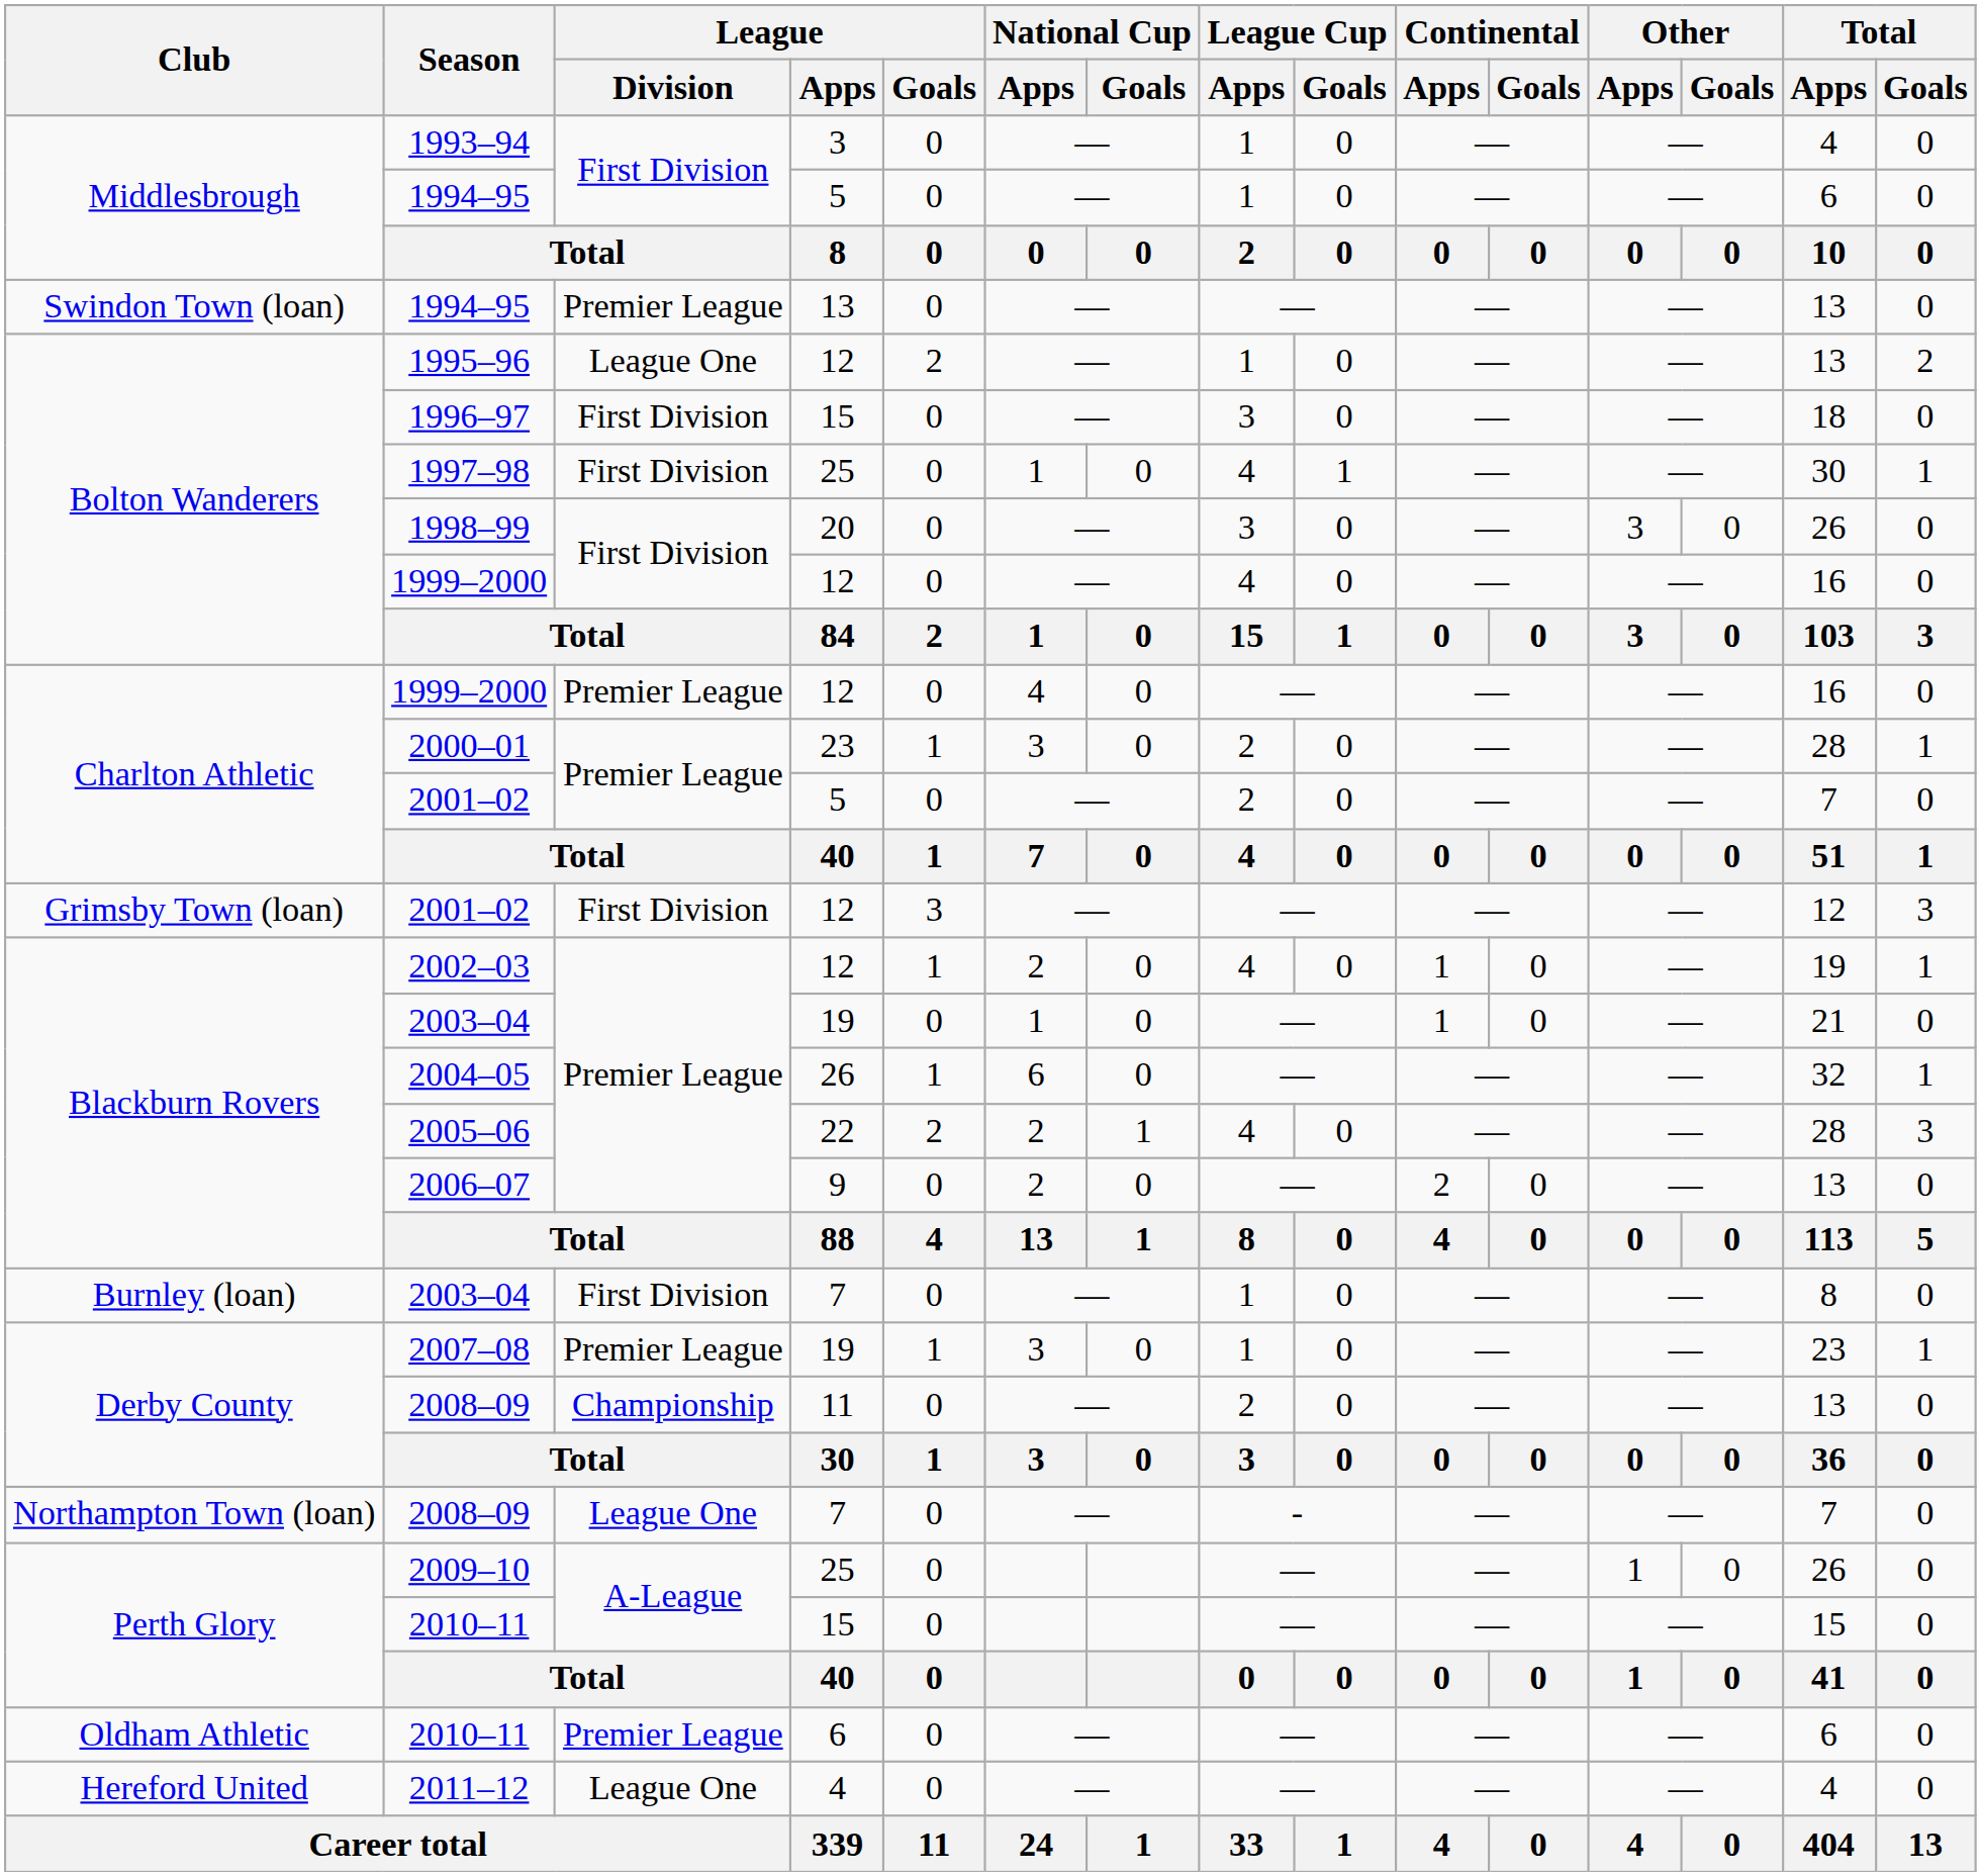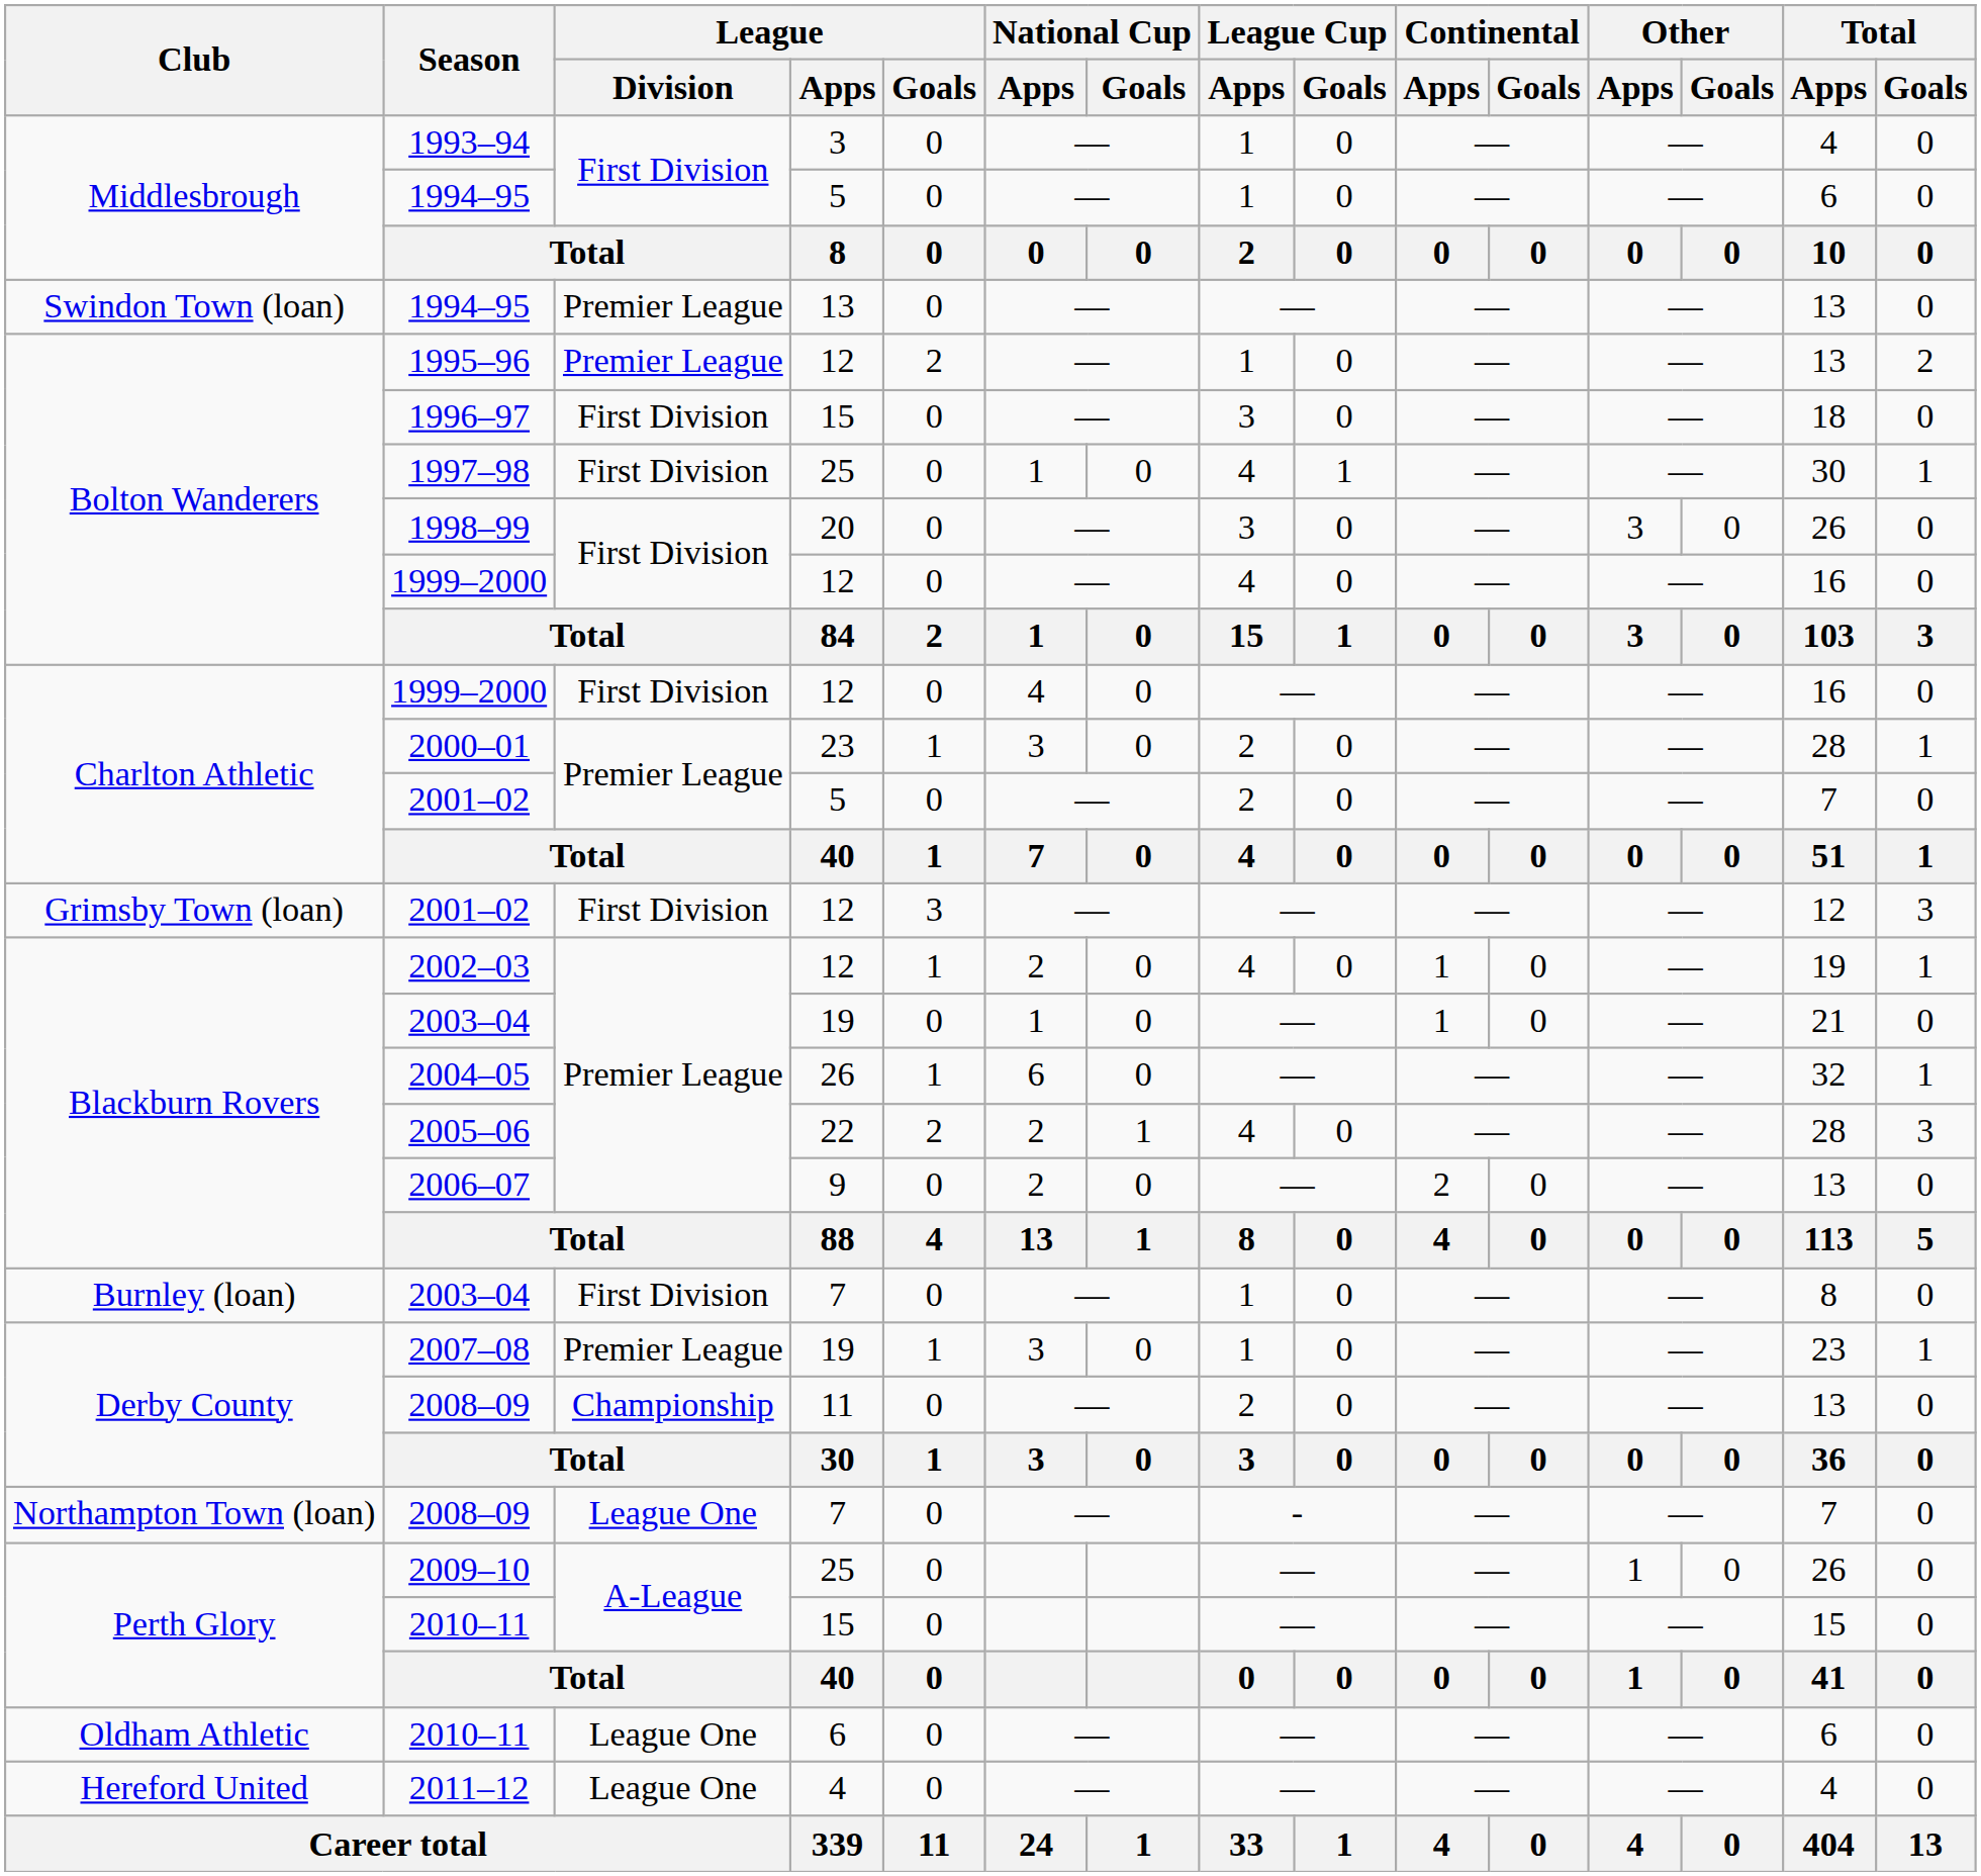 <table class="wikitable" style="text-align:center">
 <tr>
 <th rowspan="2">Club</th>
 <th rowspan="2">Season</th>
 <th colspan="3">League</th>
 <th colspan="2">National Cup</th>
 <th colspan="2">League Cup</th>
 <th colspan="2">Continental</th>
 <th colspan="2">Other</th>
 <th colspan="2">Total</th>
 </tr>
 <tr>
 <th>Division</th>
 <th>Apps</th>
 <th>Goals</th>
 <th>Apps</th>
 <th>Goals</th>
 <th>Apps</th>
 <th>Goals</th>
 <th>Apps</th>
 <th>Goals</th>
 <th>Apps</th>
 <th>Goals</th>
 <th>Apps</th>
 <th>Goals</th>
 </tr>
 <tr>
 <td rowspan="3"><a href='#'>Middlesbrough</a></td>
 <td><a href='#'>1993–94</a></td>
 <td rowspan="2"><a href='#'>First Division</a></td>
 <td>3</td>
 <td>0</td>
 <td colspan="2">—</td>
 <td>1</td>
 <td>0</td>
 <td colspan="2">—</td>
 <td colspan="2">—</td>
 <td>4</td>
 <td>0</td>
 </tr>
 <tr>
 <td><a href='#'>1994–95</a></td>
 <td>5</td>
 <td>0</td>
 <td colspan="2">—</td>
 <td>1</td>
 <td>0</td>
 <td colspan="2">—</td>
 <td colspan="2">—</td>
 <td>6</td>
 <td>0</td>
 </tr>
 <tr>
 <th colspan="2">Total</th>
 <th>8</th>
 <th>0</th>
 <th>0</th>
 <th>0</th>
 <th>2</th>
 <th>0</th>
 <th>0</th>
 <th>0</th>
 <th>0</th>
 <th>0</th>
 <th>10</th>
 <th>0</th>
 </tr>
 <tr>
 <td><a href='#'>Swindon Town</a> (loan)</td>
 <td><a href='#'>1994–95</a></td>
 <td>Premier League</td>
 <td>13</td>
 <td>0</td>
 <td colspan="2">—</td>
 <td colspan="2">—</td>
 <td colspan="2">—</td>
 <td colspan="2">—</td>
 <td>13</td>
 <td>0</td>
 </tr>
 <tr>
 <td rowspan="6"><a href='#'>Bolton Wanderers</a></td>
 <td><a href='#'>1995–96</a></td>
-<td>League One</td>
+<td><a href='#'>Premier League</a></td>
 <td>12</td>
 <td>2</td>
 <td colspan="2">—</td>
 <td>1</td>
 <td>0</td>
 <td colspan="2">—</td>
 <td colspan="2">—</td>
 <td>13</td>
 <td>2</td>
 </tr>
 <tr>
 <td><a href='#'>1996–97</a></td>
 <td>First Division</td>
 <td>15</td>
 <td>0</td>
 <td colspan="2">—</td>
 <td>3</td>
 <td>0</td>
 <td colspan="2">—</td>
 <td colspan="2">—</td>
 <td>18</td>
 <td>0</td>
 </tr>
 <tr>
 <td><a href='#'>1997–98</a></td>
 <td>First Division</td>
 <td>25</td>
 <td>0</td>
 <td>1</td>
 <td>0</td>
 <td>4</td>
 <td>1</td>
 <td colspan="2">—</td>
 <td colspan="2">—</td>
 <td>30</td>
 <td>1</td>
 </tr>
 <tr>
 <td><a href='#'>1998–99</a></td>
 <td rowspan="2">First Division</td>
 <td>20</td>
 <td>0</td>
 <td colspan="2">—</td>
 <td>3</td>
 <td>0</td>
 <td colspan="2">—</td>
 <td>3</td>
 <td>0</td>
 <td>26</td>
 <td>0</td>
 </tr>
 <tr>
 <td><a href='#'>1999–2000</a></td>
 <td>12</td>
 <td>0</td>
 <td colspan="2">—</td>
 <td>4</td>
 <td>0</td>
 <td colspan="2">—</td>
 <td colspan="2">—</td>
 <td>16</td>
 <td>0</td>
 </tr>
 <tr>
 <th colspan="2">Total</th>
 <th>84</th>
 <th>2</th>
 <th>1</th>
 <th>0</th>
 <th>15</th>
 <th>1</th>
 <th>0</th>
 <th>0</th>
 <th>3</th>
 <th>0</th>
 <th>103</th>
 <th>3</th>
 </tr>
 <tr>
 <td rowspan="4"><a href='#'>Charlton Athletic</a></td>
 <td><a href='#'>1999–2000</a></td>
-<td>Premier League</td>
+<td>First Division</td>
 <td>12</td>
 <td>0</td>
 <td>4</td>
 <td>0</td>
 <td colspan="2">—</td>
 <td colspan="2">—</td>
 <td colspan="2">—</td>
 <td>16</td>
 <td>0</td>
 </tr>
 <tr>
 <td><a href='#'>2000–01</a></td>
 <td rowspan="2">Premier League</td>
 <td>23</td>
 <td>1</td>
 <td>3</td>
 <td>0</td>
 <td>2</td>
 <td>0</td>
 <td colspan="2">—</td>
 <td colspan="2">—</td>
 <td>28</td>
 <td>1</td>
 </tr>
 <tr>
 <td><a href='#'>2001–02</a></td>
 <td>5</td>
 <td>0</td>
 <td colspan="2">—</td>
 <td>2</td>
 <td>0</td>
 <td colspan="2">—</td>
 <td colspan="2">—</td>
 <td>7</td>
 <td>0</td>
 </tr>
 <tr>
 <th colspan="2">Total</th>
 <th>40</th>
 <th>1</th>
 <th>7</th>
 <th>0</th>
 <th>4</th>
 <th>0</th>
 <th>0</th>
 <th>0</th>
 <th>0</th>
 <th>0</th>
 <th>51</th>
 <th>1</th>
 </tr>
 <tr>
 <td><a href='#'>Grimsby Town</a> (loan)</td>
 <td><a href='#'>2001–02</a></td>
 <td>First Division</td>
 <td>12</td>
 <td>3</td>
 <td colspan="2">—</td>
 <td colspan="2">—</td>
 <td colspan="2">—</td>
 <td colspan="2">—</td>
 <td>12</td>
 <td>3</td>
 </tr>
 <tr>
 <td rowspan="6"><a href='#'>Blackburn Rovers</a></td>
 <td><a href='#'>2002–03</a></td>
 <td rowspan="5">Premier League</td>
 <td>12</td>
 <td>1</td>
 <td>2</td>
 <td>0</td>
 <td>4</td>
 <td>0</td>
 <td>1</td>
 <td>0</td>
 <td colspan="2">—</td>
 <td>19</td>
 <td>1</td>
 </tr>
 <tr>
 <td><a href='#'>2003–04</a></td>
 <td>19</td>
 <td>0</td>
 <td>1</td>
 <td>0</td>
 <td colspan="2">—</td>
 <td>1</td>
 <td>0</td>
 <td colspan="2">—</td>
 <td>21</td>
 <td>0</td>
 </tr>
 <tr>
 <td><a href='#'>2004–05</a></td>
 <td>26</td>
 <td>1</td>
 <td>6</td>
 <td>0</td>
 <td colspan="2">—</td>
 <td colspan="2">—</td>
 <td colspan="2">—</td>
 <td>32</td>
 <td>1</td>
 </tr>
 <tr>
 <td><a href='#'>2005–06</a></td>
 <td>22</td>
 <td>2</td>
 <td>2</td>
 <td>1</td>
 <td>4</td>
 <td>0</td>
 <td colspan="2">—</td>
 <td colspan="2">—</td>
 <td>28</td>
 <td>3</td>
 </tr>
 <tr>
 <td><a href='#'>2006–07</a></td>
 <td>9</td>
 <td>0</td>
 <td>2</td>
 <td>0</td>
 <td colspan="2">—</td>
 <td>2</td>
 <td>0</td>
 <td colspan="2">—</td>
 <td>13</td>
 <td>0</td>
 </tr>
 <tr>
 <th colspan="2">Total</th>
 <th>88</th>
 <th>4</th>
 <th>13</th>
 <th>1</th>
 <th>8</th>
 <th>0</th>
 <th>4</th>
 <th>0</th>
 <th>0</th>
 <th>0</th>
 <th>113</th>
 <th>5</th>
 </tr>
 <tr>
 <td><a href='#'>Burnley</a> (loan)</td>
 <td><a href='#'>2003–04</a></td>
 <td>First Division</td>
 <td>7</td>
 <td>0</td>
 <td colspan="2">—</td>
 <td>1</td>
 <td>0</td>
 <td colspan="2">—</td>
 <td colspan="2">—</td>
 <td>8</td>
 <td>0</td>
 </tr>
 <tr>
 <td rowspan="3"><a href='#'>Derby County</a></td>
 <td><a href='#'>2007–08</a></td>
 <td>Premier League</td>
 <td>19</td>
 <td>1</td>
 <td>3</td>
 <td>0</td>
 <td>1</td>
 <td>0</td>
 <td colspan="2">—</td>
 <td colspan="2">—</td>
 <td>23</td>
 <td>1</td>
 </tr>
 <tr>
 <td><a href='#'>2008–09</a></td>
 <td><a href='#'>Championship</a></td>
 <td>11</td>
 <td>0</td>
 <td colspan="2">—</td>
 <td>2</td>
 <td>0</td>
 <td colspan="2">—</td>
 <td colspan="2">—</td>
 <td>13</td>
 <td>0</td>
 </tr>
 <tr>
 <th colspan="2">Total</th>
 <th>30</th>
 <th>1</th>
 <th>3</th>
 <th>0</th>
 <th>3</th>
 <th>0</th>
 <th>0</th>
 <th>0</th>
 <th>0</th>
 <th>0</th>
 <th>36</th>
 <th>0</th>
 </tr>
 <tr>
 <td><a href='#'>Northampton Town</a> (loan)</td>
 <td><a href='#'>2008–09</a></td>
 <td><a href='#'>League One</a></td>
 <td>7</td>
 <td>0</td>
 <td colspan="2">—</td>
 <td colspan="2">-</td>
 <td colspan="2">—</td>
 <td colspan="2">—</td>
 <td>7</td>
 <td>0</td>
 </tr>
 <tr>
 <td rowspan="3"><a href='#'>Perth Glory</a></td>
 <td><a href='#'>2009–10</a></td>
 <td rowspan="2"><a href='#'>A-League</a></td>
 <td>25</td>
 <td>0</td>
 <td></td>
 <td></td>
 <td colspan="2">—</td>
 <td colspan="2">—</td>
 <td>1</td>
 <td>0</td>
 <td>26</td>
 <td>0</td>
 </tr>
 <tr>
 <td><a href='#'>2010–11</a></td>
 <td>15</td>
 <td>0</td>
 <td></td>
 <td></td>
 <td colspan="2">—</td>
 <td colspan="2">—</td>
 <td colspan="2">—</td>
 <td>15</td>
 <td>0</td>
 </tr>
 <tr>
 <th colspan="2">Total</th>
 <th>40</th>
 <th>0</th>
 <th></th>
 <th></th>
 <th>0</th>
 <th>0</th>
 <th>0</th>
 <th>0</th>
 <th>1</th>
 <th>0</th>
 <th>41</th>
 <th>0</th>
 </tr>
 <tr>
 <td><a href='#'>Oldham Athletic</a></td>
 <td><a href='#'>2010–11</a></td>
-<td><a href='#'>Premier League</a></td>
+<td>League One</td>
 <td>6</td>
 <td>0</td>
 <td colspan="2">—</td>
 <td colspan="2">—</td>
 <td colspan="2">—</td>
 <td colspan="2">—</td>
 <td>6</td>
 <td>0</td>
 </tr>
 <tr>
 <td><a href='#'>Hereford United</a></td>
 <td><a href='#'>2011–12</a></td>
 <td>League One</td>
 <td>4</td>
 <td>0</td>
 <td colspan="2">—</td>
 <td colspan="2">—</td>
 <td colspan="2">—</td>
 <td colspan="2">—</td>
 <td>4</td>
 <td>0</td>
 </tr>
 <tr>
 <th colspan="3">Career total</th>
 <th>339</th>
 <th>11</th>
 <th>24</th>
 <th>1</th>
 <th>33</th>
 <th>1</th>
 <th>4</th>
 <th>0</th>
 <th>4</th>
 <th>0</th>
 <th>404</th>
 <th>13</th>
 </tr>
 </table>
